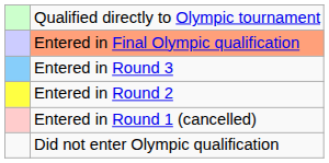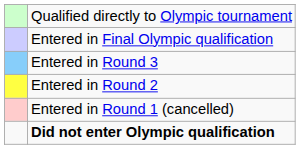 <table class="wikitable">
 <tr>
 <td style="background: #ccffcc;">    </td>
 <td>Qualified directly to <a href='#'>Olympic tournament</a></td>
 </tr>
 <tr>
 <td style="background: #ccccff;">    </td>
-<td style="background: lightsalmon;">Entered in <a href='#'>Final Olympic qualification</a></td>
+<td>Entered in <a href='#'>Final Olympic qualification</a></td>
 </tr>
 <tr>
 <td style="background: #87cefa;">    </td>
 <td>Entered in <a href='#'>Round 3</a></td>
 </tr>
 <tr>
 <td style="background: #ffff42;">    </td>
 <td>Entered in <a href='#'>Round 2</a></td>
 </tr>
 <tr>
 <td style="background: #ffcccc;">    </td>
 <td>Entered in <a href='#'>Round 1</a> (cancelled)</td>
 </tr>
 <tr>
 <td style="background:">    </td>
-<td>Did not enter Olympic qualification</td>
+<td><strong>Did not enter Olympic qualification</strong></td>
 </tr>
 </table>
